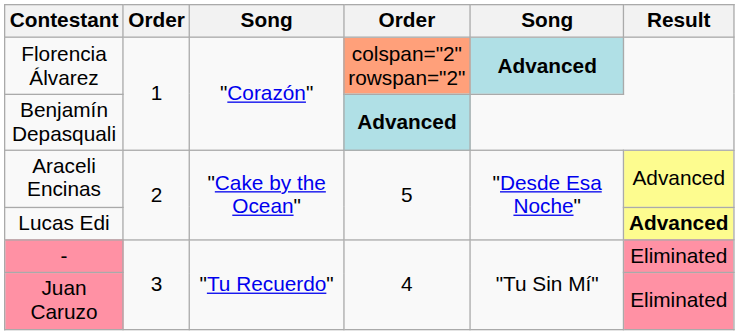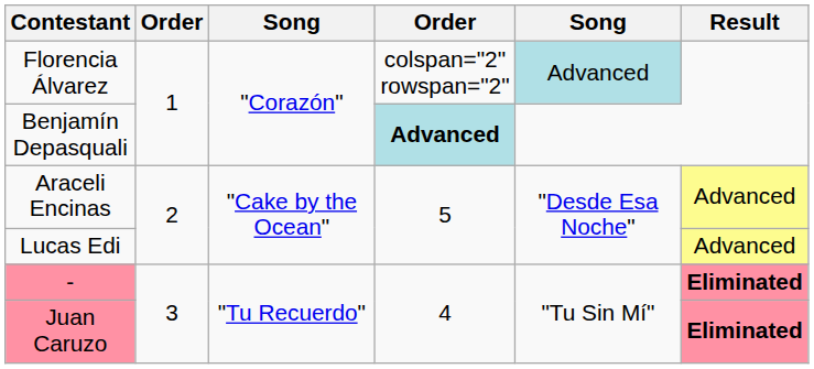 <table class="wikitable" style="text-align:center; width:90%;">
 <tr>
 <th scope="col" style="width:16%;">Contestant</th>
 <th scope="col" style="width:4%;">Order</th>
 <th scope="col" style="width:21%;">Song</th>
 <th scope="col" style="width:4%;">Order</th>
 <th scope="col" style="width:21%;">Song</th>
 <th scope="col" style="width:9%;">Result</th>
 </tr>
 <tr>
 <td>Florencia Álvarez</td>
 <td rowspan="2">1</td>
 <td rowspan="2">"<a href='#'>Corazón</a>"</td>
-<td style="background: lightsalmon;">colspan="2" rowspan="2" </td>
-<td style="background:#B0E0E6;"><strong>Advanced</strong></td>
+<td>colspan="2" rowspan="2" </td>
+<td style="background:#B0E0E6;">Advanced</td>
 </tr>
 <tr>
 <td>Benjamín Depasquali</td>
 <td style="background:#B0E0E6;"><strong>Advanced</strong></td>
 </tr>
 <tr>
 <td>Araceli Encinas</td>
 <td rowspan="2">2</td>
 <td rowspan="2">"<a href='#'>Cake by the Ocean</a>"</td>
 <td rowspan="2">5</td>
 <td rowspan="2">"<a href='#'>Desde Esa Noche</a>"</td>
 <td style="background:#FDFC8F;">Advanced</td>
 </tr>
 <tr>
 <td>Lucas Edi</td>
-<td style="background:#FDFC8F;"><strong>Advanced</strong></td>
+<td style="background:#FDFC8F;">Advanced</td>
 </tr>
 <tr>
 <td style="background:#FF91A4;">-</td>
 <td rowspan="2">3</td>
 <td rowspan="2">"<a href='#'>Tu Recuerdo</a>"</td>
 <td rowspan="2">4</td>
 <td rowspan="2">"Tu Sin Mí"</td>
-<td style="background:#FF91A4;">Eliminated</td>
+<td style="background:#FF91A4;"><strong>Eliminated</strong></td>
 </tr>
 <tr>
 <td style="background:#FF91A4;">Juan Caruzo</td>
-<td style="background:#FF91A4;">Eliminated</td>
+<td style="background:#FF91A4;"><strong>Eliminated</strong></td>
 </tr>
 </table>
